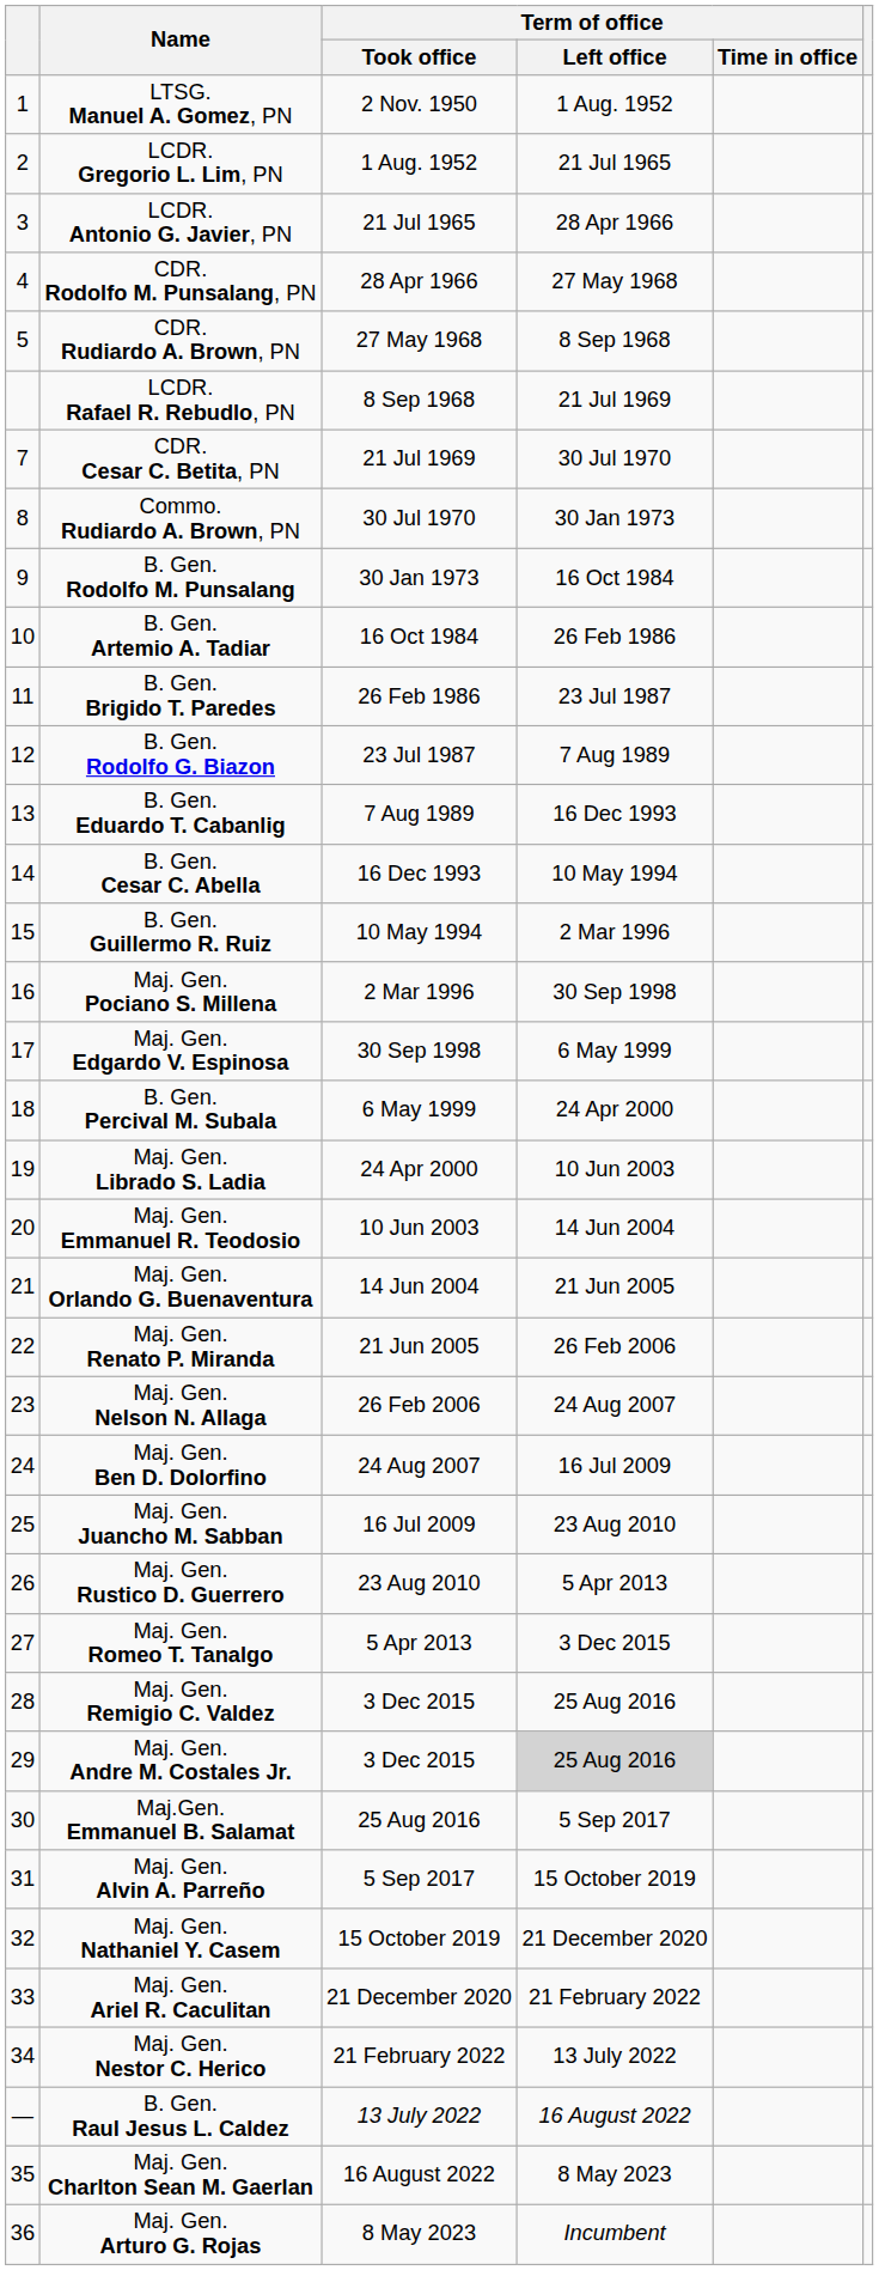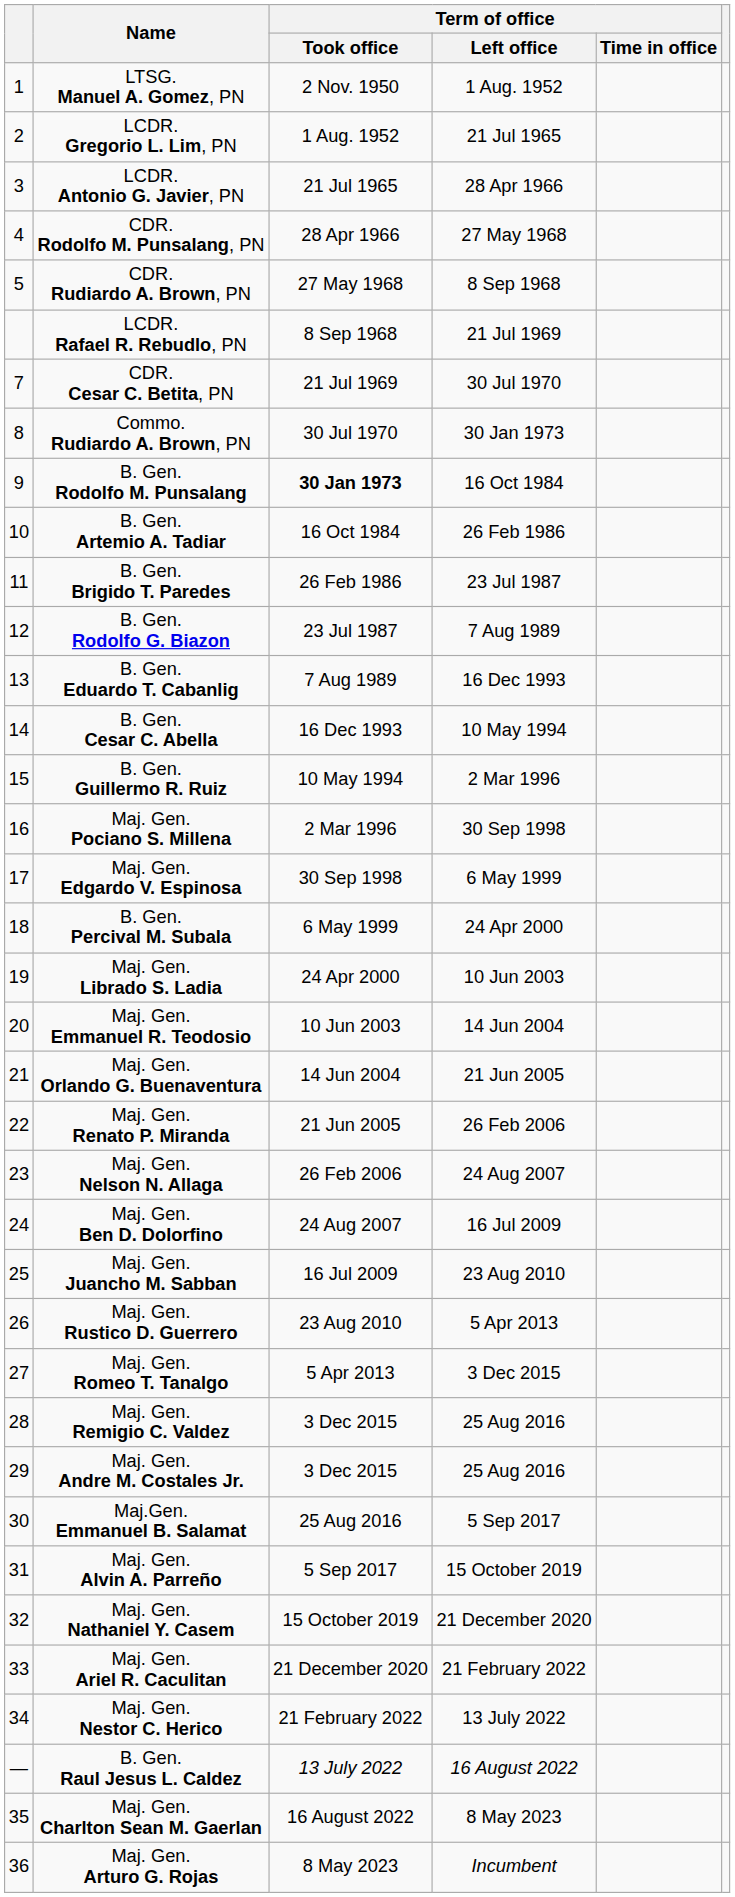 <table class="wikitable" style="text-align:center">
 <tr>
 <th rowspan=2></th>
 <th rowspan=2>Name</th>
 <th colspan=3>Term of office</th>
 <th rowspan=2></th>
 </tr>
 <tr>
 <th>Took office</th>
 <th>Left office</th>
 <th>Time in office</th>
 </tr>
 <tr>
 <td>1</td>
 <td>LTSG.<br><strong>Manuel A. Gomez</strong>, PN</td>
 <td>2 Nov. 1950</td>
 <td>1 Aug. 1952</td>
 <td></td>
 <td></td>
 </tr>
 <tr>
 <td>2</td>
 <td>LCDR.<br><strong>Gregorio L. Lim</strong>, PN</td>
 <td>1 Aug. 1952</td>
 <td>21 Jul 1965</td>
 <td></td>
 <td></td>
 </tr>
 <tr>
 <td>3</td>
 <td>LCDR.<br><strong>Antonio G. Javier</strong>, PN</td>
 <td>21 Jul 1965</td>
 <td>28 Apr 1966</td>
 <td></td>
 <td></td>
 </tr>
 <tr>
 <td>4</td>
 <td>CDR.<br><strong>Rodolfo M. Punsalang</strong>, PN</td>
 <td>28 Apr 1966</td>
 <td>27 May 1968</td>
 <td></td>
 <td></td>
 </tr>
 <tr>
 <td>5</td>
 <td>CDR.<br><strong>Rudiardo A. Brown</strong>, PN</td>
 <td>27 May 1968</td>
 <td>8 Sep 1968</td>
 <td></td>
 <td></td>
 </tr>
 <tr>
 <td></td>
 <td>LCDR.<br><strong>Rafael R. Rebudlo</strong>, PN</td>
 <td>8 Sep 1968</td>
 <td>21 Jul 1969</td>
 <td></td>
 <td></td>
 </tr>
 <tr>
 <td>7</td>
 <td>CDR.<br><strong>Cesar C. Betita</strong>, PN</td>
 <td>21 Jul 1969</td>
 <td>30 Jul 1970</td>
 <td></td>
 <td></td>
 </tr>
 <tr>
 <td>8</td>
 <td>Commo.<br><strong>Rudiardo A. Brown</strong>, PN</td>
 <td>30 Jul 1970</td>
 <td>30 Jan 1973</td>
 <td></td>
 <td></td>
 </tr>
 <tr>
 <td>9</td>
 <td>B. Gen.<br><strong>Rodolfo M. Punsalang</strong></td>
-<td>30 Jan 1973</td>
+<td><strong>30 Jan 1973</strong></td>
 <td>16 Oct 1984</td>
 <td></td>
 <td></td>
 </tr>
 <tr>
 <td>10</td>
 <td>B. Gen.<br><strong>Artemio A. Tadiar</strong></td>
 <td>16 Oct 1984</td>
 <td>26 Feb 1986</td>
 <td></td>
 <td></td>
 </tr>
 <tr>
 <td>11</td>
 <td>B. Gen.<br><strong>Brigido T. Paredes</strong></td>
 <td>26 Feb 1986</td>
 <td>23 Jul 1987</td>
 <td></td>
 <td></td>
 </tr>
 <tr>
 <td>12</td>
 <td>B. Gen.<br><strong><a href='#'>Rodolfo G. Biazon</a></strong></td>
 <td>23 Jul 1987</td>
 <td>7 Aug 1989</td>
 <td></td>
 <td></td>
 </tr>
 <tr>
 <td>13</td>
 <td>B. Gen.<br><strong>Eduardo T. Cabanlig</strong></td>
 <td>7 Aug 1989</td>
 <td>16 Dec 1993</td>
 <td></td>
 <td></td>
 </tr>
 <tr>
 <td>14</td>
 <td>B. Gen.<br><strong>Cesar C. Abella</strong></td>
 <td>16 Dec 1993</td>
 <td>10 May 1994</td>
 <td></td>
 <td></td>
 </tr>
 <tr>
 <td>15</td>
 <td>B. Gen.<br><strong>Guillermo R. Ruiz</strong></td>
 <td>10 May 1994</td>
 <td>2 Mar 1996</td>
 <td></td>
 <td></td>
 </tr>
 <tr>
 <td>16</td>
 <td>Maj. Gen.<br><strong>Pociano S. Millena</strong></td>
 <td>2 Mar 1996</td>
 <td>30 Sep 1998</td>
 <td></td>
 <td></td>
 </tr>
 <tr>
 <td>17</td>
 <td>Maj. Gen.<br><strong>Edgardo V. Espinosa</strong></td>
 <td>30 Sep 1998</td>
 <td>6 May 1999</td>
 <td></td>
 <td></td>
 </tr>
 <tr>
 <td>18</td>
 <td>B. Gen.<br><strong>Percival M. Subala</strong></td>
 <td>6 May 1999</td>
 <td>24 Apr 2000</td>
 <td></td>
 <td></td>
 </tr>
 <tr>
 <td>19</td>
 <td>Maj. Gen.<br><strong>Librado S. Ladia</strong></td>
 <td>24 Apr 2000</td>
 <td>10 Jun 2003</td>
 <td></td>
 <td></td>
 </tr>
 <tr>
 <td>20</td>
 <td>Maj. Gen.<br><strong>Emmanuel R. Teodosio</strong></td>
 <td>10 Jun 2003</td>
 <td>14 Jun 2004</td>
 <td></td>
 <td></td>
 </tr>
 <tr>
 <td>21</td>
 <td>Maj. Gen.<br><strong>Orlando G. Buenaventura</strong></td>
 <td>14 Jun 2004</td>
 <td>21 Jun 2005</td>
 <td></td>
 <td></td>
 </tr>
 <tr>
 <td>22</td>
 <td>Maj. Gen.<br><strong>Renato P. Miranda</strong></td>
 <td>21 Jun 2005</td>
 <td>26 Feb 2006</td>
 <td></td>
 <td></td>
 </tr>
 <tr>
 <td>23</td>
 <td>Maj. Gen.<br><strong>Nelson N. Allaga</strong></td>
 <td>26 Feb 2006</td>
 <td>24 Aug 2007</td>
 <td></td>
 <td></td>
 </tr>
 <tr>
 <td>24</td>
 <td>Maj. Gen.<br><strong>Ben D. Dolorfino</strong></td>
 <td>24 Aug 2007</td>
 <td>16 Jul 2009</td>
 <td></td>
 <td></td>
 </tr>
 <tr>
 <td>25</td>
 <td>Maj. Gen.<br><strong>Juancho M. Sabban</strong></td>
 <td>16 Jul 2009</td>
 <td>23 Aug 2010</td>
 <td></td>
 <td></td>
 </tr>
 <tr>
 <td>26</td>
 <td>Maj. Gen.<br><strong>Rustico D. Guerrero</strong></td>
 <td>23 Aug 2010</td>
 <td>5 Apr 2013</td>
 <td></td>
 <td></td>
 </tr>
 <tr>
 <td>27</td>
 <td>Maj. Gen.<br><strong>Romeo T. Tanalgo</strong></td>
 <td>5 Apr 2013</td>
 <td>3 Dec 2015</td>
 <td></td>
 <td></td>
 </tr>
 <tr>
 <td>28</td>
 <td>Maj. Gen.<br><strong>Remigio C. Valdez</strong></td>
 <td>3 Dec 2015</td>
 <td>25 Aug 2016</td>
 <td></td>
 <td></td>
 </tr>
 <tr>
 <td>29</td>
 <td>Maj. Gen.<br><strong>Andre M. Costales Jr.</strong></td>
 <td>3 Dec 2015</td>
-<td style="background: lightgrey;">25 Aug 2016</td>
+<td>25 Aug 2016</td>
 <td></td>
 <td></td>
 </tr>
 <tr>
 <td>30</td>
 <td>Maj.Gen.<br><strong>Emmanuel B. Salamat</strong></td>
 <td>25 Aug 2016</td>
 <td>5 Sep 2017</td>
 <td></td>
 <td></td>
 </tr>
 <tr>
 <td>31</td>
 <td>Maj. Gen.<br><strong>Alvin A. Parreño</strong></td>
 <td>5 Sep 2017</td>
 <td>15 October 2019</td>
 <td></td>
 <td></td>
 </tr>
 <tr>
 <td>32</td>
 <td>Maj. Gen.<br><strong>Nathaniel Y. Casem</strong></td>
 <td>15 October 2019</td>
 <td>21 December 2020</td>
 <td></td>
 <td></td>
 </tr>
 <tr>
 <td>33</td>
 <td>Maj. Gen.<br><strong>Ariel R. Caculitan</strong></td>
 <td>21 December 2020</td>
 <td>21 February 2022</td>
 <td></td>
 <td></td>
 </tr>
 <tr>
 <td>34</td>
 <td>Maj. Gen.<br><strong>Nestor C. Herico</strong></td>
 <td>21 February 2022</td>
 <td>13 July 2022</td>
 <td></td>
 <td></td>
 </tr>
 <tr>
 <td>—</td>
 <td>B. Gen.<br><strong>Raul Jesus L. Caldez</strong><br></td>
 <td><em>13 July 2022</em></td>
 <td><em>16 August 2022</em></td>
 <td></td>
 <td></td>
 </tr>
 <tr>
 <td>35</td>
 <td>Maj. Gen.<br><strong>Charlton Sean M. Gaerlan</strong></td>
 <td>16 August 2022</td>
 <td>8 May 2023</td>
 <td></td>
 <td></td>
 </tr>
 <tr>
 <td>36</td>
 <td>Maj. Gen.<br><strong>Arturo G. Rojas</strong></td>
 <td>8 May 2023</td>
 <td><em>Incumbent</em></td>
 <td></td>
 <td></td>
 </tr>
 </table>
